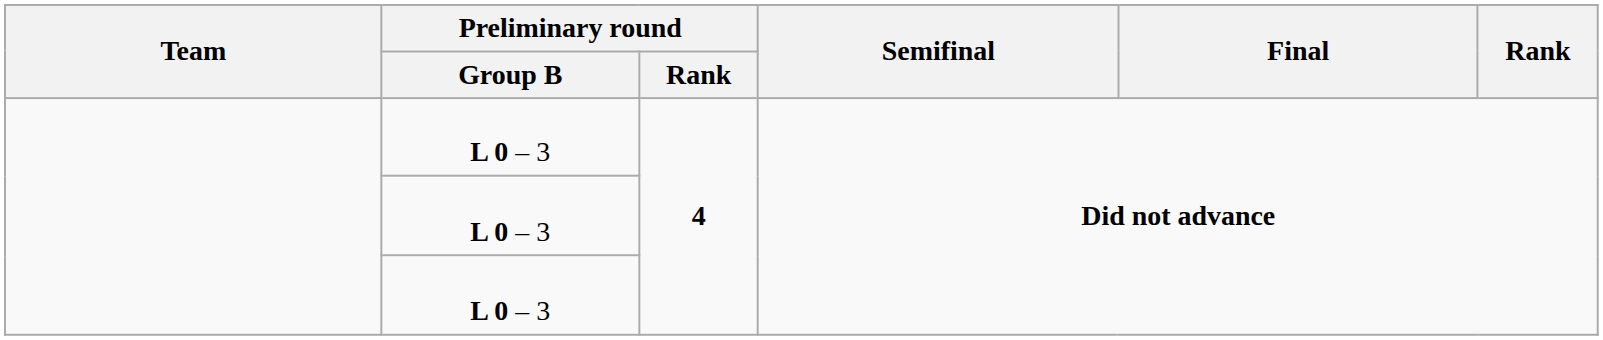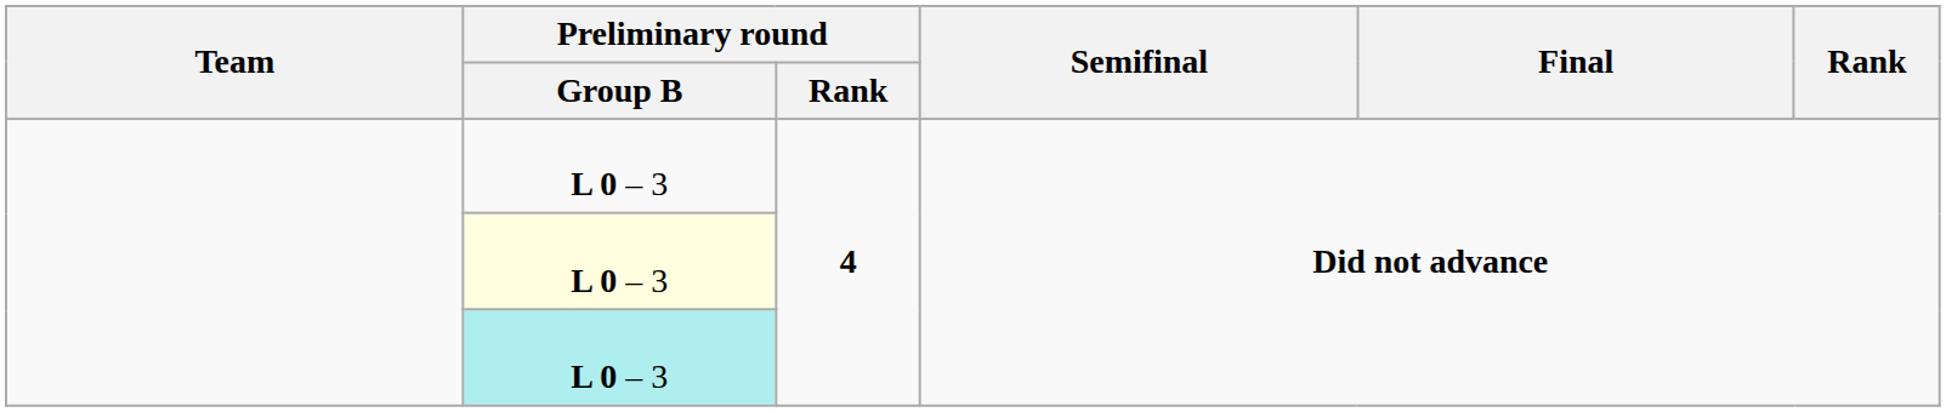 <table class="wikitable" width="93%" style="text-align:left; font-size:90%">
 <tr>
 <th rowspan="2" width="22%">Team</th>
 <th colspan="2">Preliminary round</th>
 <th rowspan="2" width="21%">Semifinal</th>
 <th rowspan="2" width="21%">Final</th>
 <th rowspan="2" width="7%">Rank</th>
 </tr>
 <tr>
 <th width="15%">Group B</th>
 <th width="7%">Rank</th>
 </tr>
 <tr>
 <td rowspan=3 align=left></td>
 <td style="text-align:center;"><br> <strong>L 0</strong> – 3</td>
 <td rowspan=3 align=center><strong>4</strong></td>
 <td rowspan=3 align=center colspan=3><strong>Did not advance</strong></td>
 </tr>
 <tr>
-<td style="text-align:center;"><br> <strong>L 0</strong> – 3</td>
+<td style="background: lightyellow; text-align:center;"><br> <strong>L 0</strong> – 3</td>
 </tr>
 <tr>
-<td style="text-align:center;"><br><strong>L 0</strong> – 3</td>
+<td style="background: paleturquoise; text-align:center;"><br><strong>L 0</strong> – 3</td>
 </tr>
 </table>
